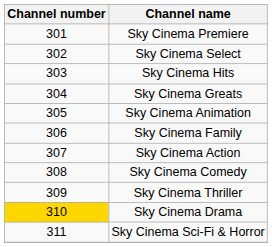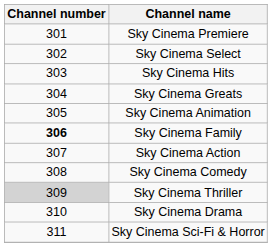 <table class="wikitable" style="text-align: center; style:text-align: center">
 <tr>
 <th>Channel number</th>
 <th>Channel name</th>
 </tr>
 <tr>
 <td>301</td>
 <td>Sky Cinema Premiere</td>
 </tr>
 <tr>
 <td>302</td>
 <td>Sky Cinema Select</td>
 </tr>
 <tr>
 <td>303</td>
 <td>Sky Cinema Hits</td>
 </tr>
 <tr>
 <td>304</td>
 <td>Sky Cinema Greats</td>
 </tr>
 <tr>
 <td>305</td>
 <td>Sky Cinema Animation</td>
 </tr>
 <tr>
-<td>306</td>
+<td><strong>306</strong></td>
 <td>Sky Cinema Family</td>
 </tr>
 <tr>
 <td>307</td>
 <td>Sky Cinema Action</td>
 </tr>
 <tr>
 <td>308</td>
 <td>Sky Cinema Comedy</td>
 </tr>
 <tr>
-<td>309</td>
+<td style="background: lightgrey;">309</td>
 <td>Sky Cinema Thriller</td>
 </tr>
 <tr>
-<td style="background: gold;">310</td>
+<td>310</td>
 <td>Sky Cinema Drama</td>
 </tr>
 <tr>
 <td>311</td>
 <td>Sky Cinema Sci-Fi & Horror</td>
 </tr>
 <tr>
 </tr>
 </table>
